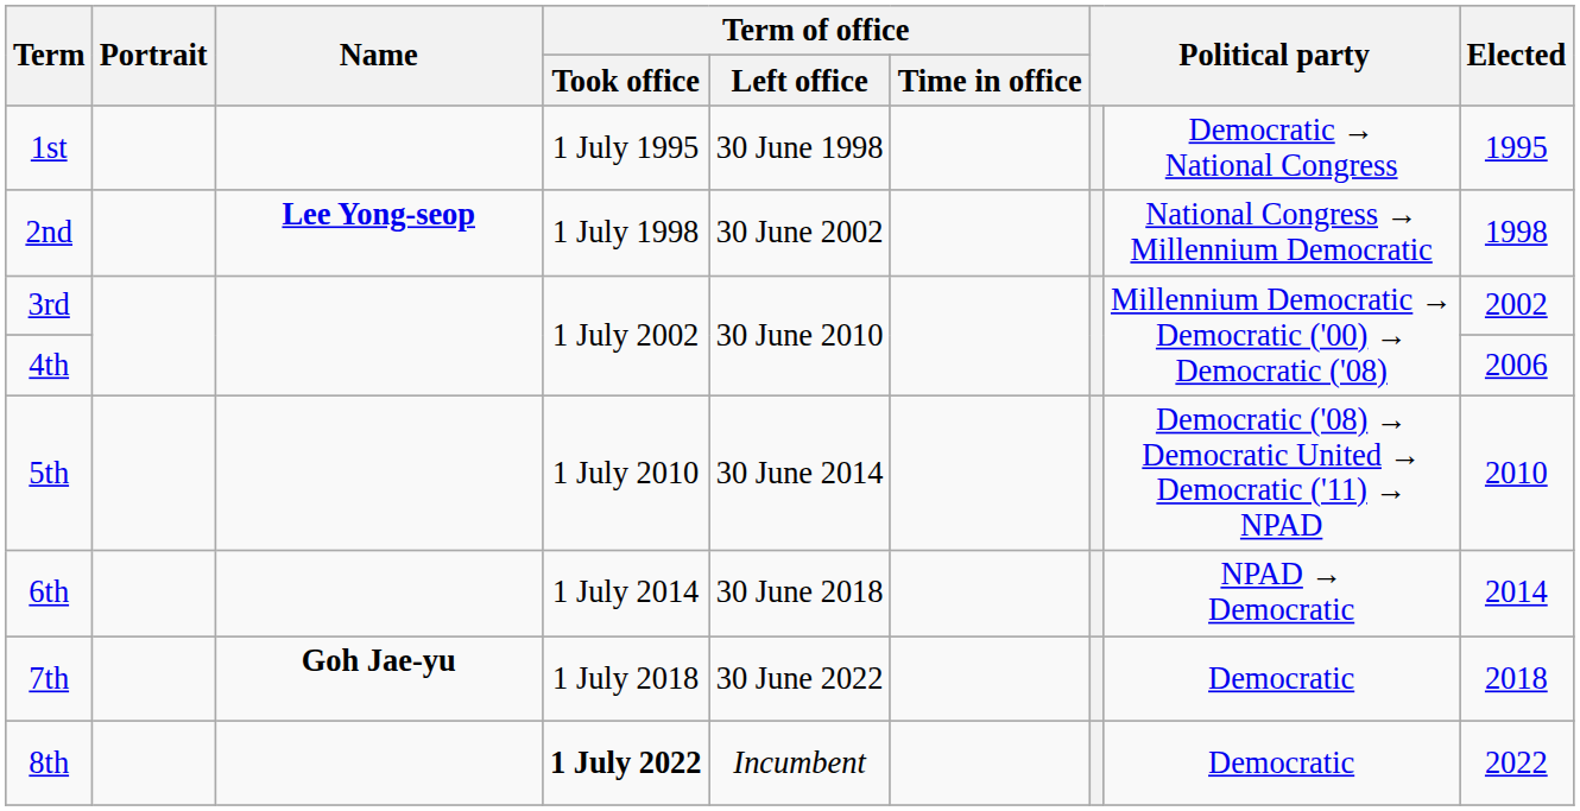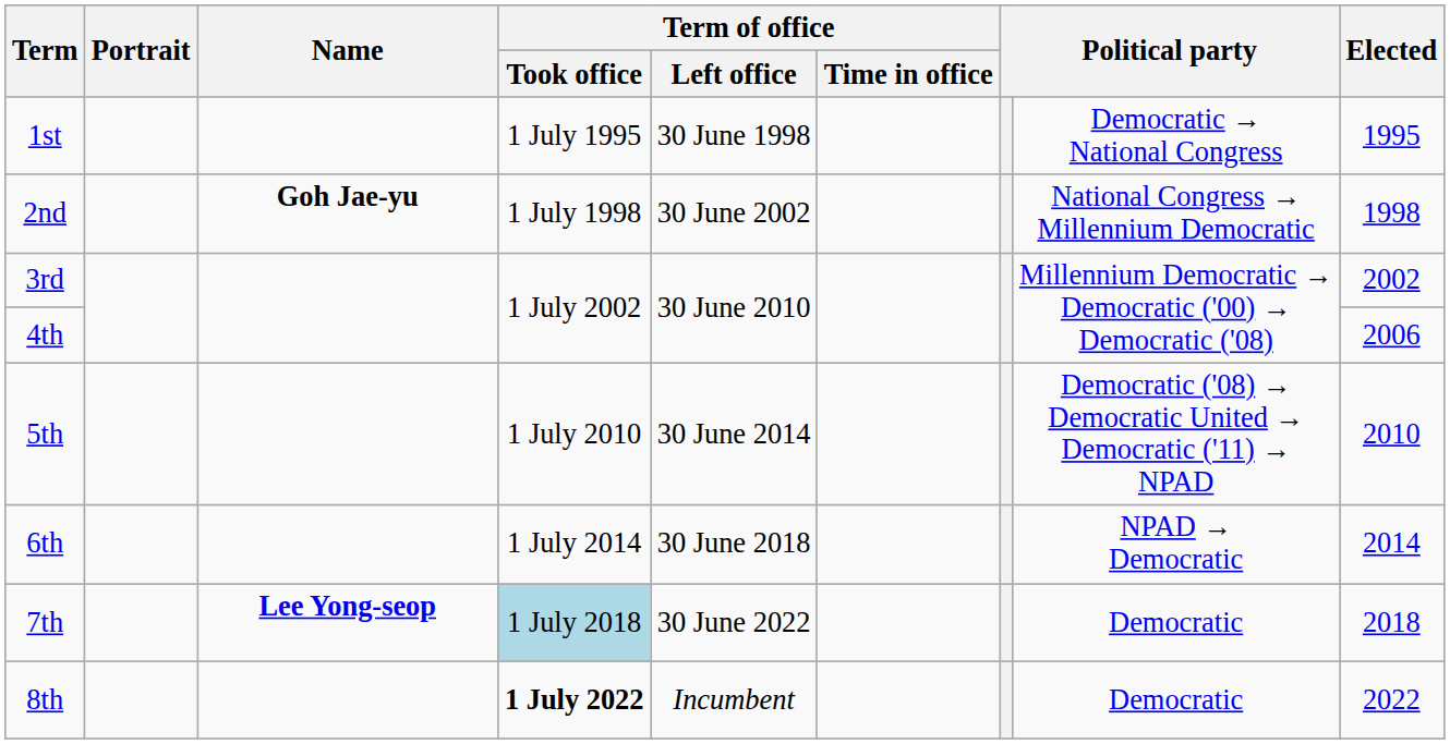 <table class="wikitable" style="text-align:center">
 <tr>
 <th rowspan="2">Term</th>
 <th rowspan="2">Portrait</th>
 <th rowspan="2" width="160">Name<br></th>
 <th colspan="3">Term of office</th>
 <th colspan="2" rowspan="2">Political party</th>
 <th rowspan="2">Elected</th>
 </tr>
 <tr>
 <th>Took office</th>
 <th>Left office</th>
 <th>Time in office</th>
 </tr>
 <tr>
 <td><a href='#'>1st</a></td>
 <td></td>
 <td><strong></strong><br><br></td>
 <td>1 July 1995</td>
 <td>30 June 1998</td>
 <td></td>
 <th style="background:"></th>
 <td><a href='#'>Democratic</a> →<br><a href='#'>National Congress</a></td>
 <td><a href='#'>1995</a></td>
 </tr>
 <tr>
 <td><a href='#'>2nd</a></td>
 <td></td>
-<td><strong><a href='#'>Lee Yong-seop</a></strong><br><br></td>
+<td><strong>Goh Jae-yu</strong><br><br></td>
 <td>1 July 1998</td>
 <td>30 June 2002</td>
 <td></td>
 <th style="background:"></th>
 <td><a href='#'>National Congress</a> →<br><a href='#'>Millennium Democratic</a></td>
 <td><a href='#'>1998</a></td>
 </tr>
 <tr>
 <td><a href='#'>3rd</a></td>
 <td rowspan="2"></td>
 <td rowspan="2"><strong></strong><br><br></td>
 <td rowspan="2">1 July 2002</td>
 <td rowspan="2">30 June 2010</td>
 <td rowspan="2"></td>
 <th rowspan="2" style="background:"></th>
 <td rowspan="2"><a href='#'>Millennium Democratic</a> →<br><a href='#'>Democratic ('00)</a> →<br><a href='#'>Democratic ('08)</a></td>
 <td><a href='#'>2002</a></td>
 </tr>
 <tr>
 <td><a href='#'>4th</a></td>
 <td><a href='#'>2006</a></td>
 </tr>
 <tr>
 <td><a href='#'>5th</a></td>
 <td></td>
 <td><strong></strong><br><br></td>
 <td>1 July 2010</td>
 <td>30 June 2014</td>
 <td></td>
 <th style="background:"></th>
 <td><a href='#'>Democratic ('08)</a> →<br><a href='#'>Democratic United</a> →<br><a href='#'>Democratic ('11)</a> →<br><a href='#'>NPAD</a></td>
 <td><a href='#'>2010</a></td>
 </tr>
 <tr>
 <td><a href='#'>6th</a></td>
 <td></td>
 <td><strong></strong><br><br></td>
 <td>1 July 2014</td>
 <td>30 June 2018</td>
 <td></td>
 <th style="background:"></th>
 <td><a href='#'>NPAD</a> →<br><a href='#'>Democratic</a></td>
 <td><a href='#'>2014</a></td>
 </tr>
 <tr>
 <td><a href='#'>7th</a></td>
 <td></td>
-<td><strong>Goh Jae-yu</strong><br><br></td>
-<td>1 July 2018</td>
+<td><strong><a href='#'>Lee Yong-seop</a></strong><br><br></td>
+<td style="background: lightblue;">1 July 2018</td>
 <td>30 June 2022</td>
 <td></td>
 <th style="background:"></th>
 <td><a href='#'>Democratic</a></td>
 <td><a href='#'>2018</a></td>
 </tr>
 <tr>
 <td><a href='#'>8th</a></td>
 <td></td>
 <td><strong></strong><br><br></td>
 <td><strong>1 July 2022</strong></td>
 <td><em>Incumbent</em></td>
 <td></td>
 <th style="background:"></th>
 <td><a href='#'>Democratic</a></td>
 <td><a href='#'>2022</a></td>
 </tr>
 </table>
